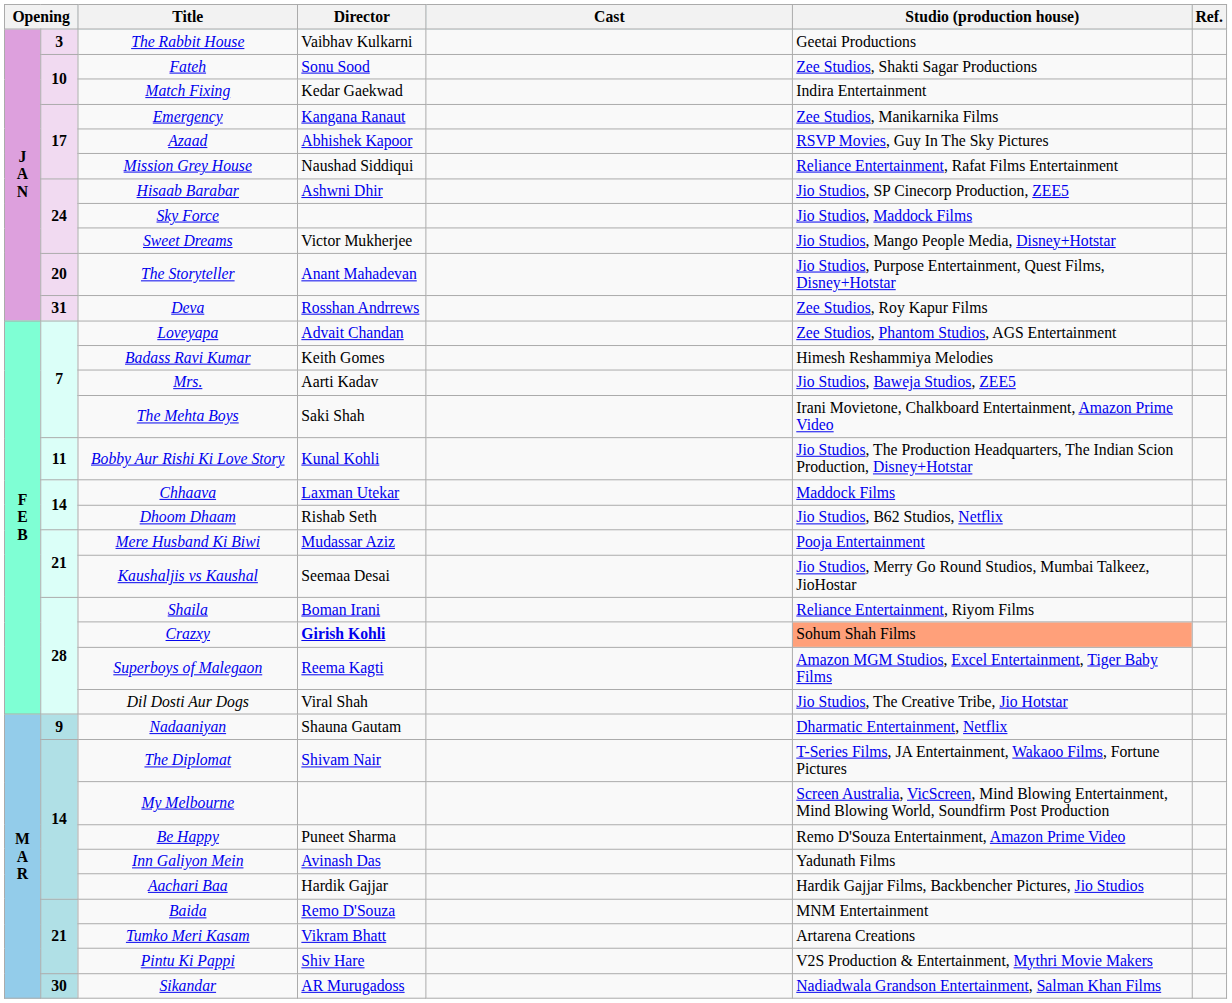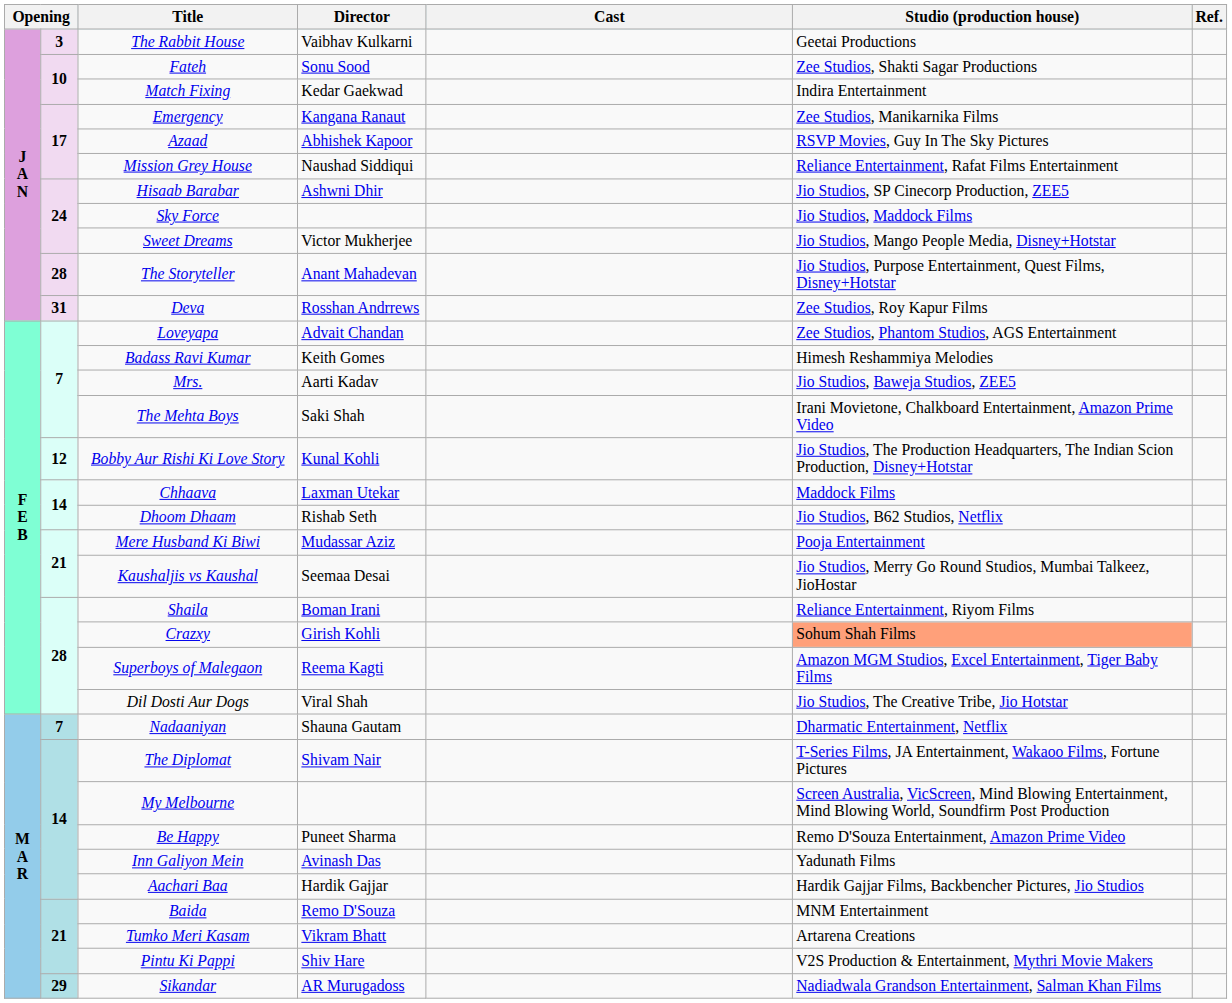 <table class="wikitable">
 <tr style="background:#b0e0e6; text-align:center;">
 <th colspan="2" style="width:6%;"><strong>Opening</strong></th>
 <th style="width:18%;"><strong>Title</strong></th>
 <th style="width:10.5%;"><strong>Director</strong></th>
 <th style="width:30%;"><strong>Cast</strong></th>
 <th>Studio (production house)</th>
 <th>Ref.</th>
 </tr>
 <tr>
 <td rowspan="11" style="text-align:center; background:plum; textcolor:#000;"><strong>J<br>A<br>N</strong></td>
 <td style="text-align:center;background:#f1daf1;"><strong>3</strong></td>
 <td style="text-align:center;"><em><a href='#'>The Rabbit House</a></em></td>
 <td>Vaibhav Kulkarni</td>
 <td></td>
 <td>Geetai Productions</td>
 <td></td>
 </tr>
 <tr>
 <td rowspan="2" style="text-align:center;background:#f1daf1;"><strong>10</strong></td>
 <td style="text-align:center;"><em><a href='#'>Fateh</a></em></td>
 <td><a href='#'>Sonu Sood</a></td>
 <td></td>
 <td><a href='#'>Zee Studios</a>, Shakti Sagar Productions</td>
 <td></td>
 </tr>
 <tr>
 <td style="text-align:center;"><em><a href='#'>Match Fixing</a></em></td>
 <td>Kedar Gaekwad</td>
 <td></td>
 <td>Indira Entertainment</td>
 <td></td>
 </tr>
 <tr>
 <td rowspan="3" style="text-align:center;background:#f1daf1;"><strong>17</strong></td>
 <td style="text-align:center;"><em><a href='#'>Emergency</a></em></td>
 <td><a href='#'>Kangana Ranaut</a></td>
 <td></td>
 <td><a href='#'>Zee Studios</a>, Manikarnika Films</td>
 <td></td>
 </tr>
 <tr>
 <td style="text-align:center;"><em><a href='#'>Azaad</a></em></td>
 <td><a href='#'>Abhishek Kapoor</a></td>
 <td></td>
 <td><a href='#'>RSVP Movies</a>, Guy In The Sky Pictures</td>
 <td></td>
 </tr>
 <tr>
 <td style="text-align:center;"><em><a href='#'>Mission Grey House</a></em></td>
 <td>Naushad Siddiqui</td>
 <td></td>
 <td><a href='#'>Reliance Entertainment</a>, Rafat Films Entertainment</td>
 <td></td>
 </tr>
 <tr>
 <td rowspan="3" style="text-align:center;background:#f1daf1;"><strong>24</strong></td>
 <td style="text-align:center;"><em><a href='#'>Hisaab Barabar</a></em></td>
 <td><a href='#'>Ashwni Dhir</a></td>
 <td></td>
 <td><a href='#'>Jio Studios</a>, SP Cinecorp Production, <a href='#'>ZEE5</a></td>
 <td></td>
 </tr>
 <tr>
 <td style="text-align:center;"><em><a href='#'>Sky Force</a></em></td>
 <td></td>
 <td></td>
 <td><a href='#'>Jio Studios</a>, <a href='#'>Maddock Films</a></td>
 <td></td>
 </tr>
 <tr>
 <td style="text-align:center;"><em><a href='#'>Sweet Dreams</a></em></td>
 <td>Victor Mukherjee</td>
 <td></td>
 <td><a href='#'>Jio Studios</a>, Mango People Media, <a href='#'>Disney+Hotstar</a></td>
 <td></td>
 </tr>
 <tr>
-<td style="text-align:center;background:#f1daf1;"><strong>20</strong></td>
+<td style="text-align:center;background:#f1daf1;"><strong>28</strong></td>
 <td style="text-align:center;"><em><a href='#'>The Storyteller</a></em></td>
 <td><a href='#'>Anant Mahadevan</a></td>
 <td></td>
 <td><a href='#'>Jio Studios</a>, Purpose Entertainment, Quest Films, <a href='#'>Disney+Hotstar</a></td>
 <td></td>
 </tr>
 <tr>
 <td style="text-align:center;background:#f1daf1;"><strong>31</strong></td>
 <td style="text-align:center;"><em><a href='#'>Deva</a></em></td>
 <td><a href='#'>Rosshan Andrrews</a></td>
 <td></td>
 <td><a href='#'>Zee Studios</a>, Roy Kapur Films</td>
 <td></td>
 </tr>
 <tr>
 <td rowspan="13" style="text-align:center; background:#7FFFD4; textcolor:#000;"><strong>F<br>E<br>B</strong></td>
 <td rowspan="4" style="text-align:center; background:#dbfff8; textcolor:#000;"><strong>7</strong></td>
 <td style="text-align:center;"><em><a href='#'>Loveyapa</a></em></td>
 <td><a href='#'>Advait Chandan</a></td>
 <td></td>
 <td><a href='#'>Zee Studios</a>, <a href='#'>Phantom Studios</a>, AGS Entertainment</td>
 <td></td>
 </tr>
 <tr>
 <td style="text-align:center;"><em><a href='#'>Badass Ravi Kumar</a></em></td>
 <td>Keith Gomes</td>
 <td></td>
 <td>Himesh Reshammiya Melodies</td>
 <td></td>
 </tr>
 <tr>
 <td style="text-align:center;"><em><a href='#'>Mrs.</a></em></td>
 <td>Aarti Kadav</td>
 <td></td>
 <td><a href='#'>Jio Studios</a>, <a href='#'>Baweja Studios</a>, <a href='#'>ZEE5</a></td>
 <td></td>
 </tr>
 <tr>
 <td style="text-align:center;"><em><a href='#'>The Mehta Boys</a></em></td>
 <td>Saki Shah</td>
 <td></td>
 <td>Irani Movietone, Chalkboard Entertainment, <a href='#'>Amazon Prime Video</a></td>
 <td></td>
 </tr>
 <tr>
-<td style="text-align:center; background:#dbfff8; textcolor:#000;"><strong>11</strong></td>
+<td style="text-align:center; background:#dbfff8; textcolor:#000;"><strong>12</strong></td>
 <td style="text-align:center;"><em><a href='#'>Bobby Aur Rishi Ki Love Story</a></em></td>
 <td><a href='#'>Kunal Kohli</a></td>
 <td></td>
 <td><a href='#'>Jio Studios</a>, The Production Headquarters, The Indian Scion Production, <a href='#'>Disney+Hotstar</a></td>
 <td></td>
 </tr>
 <tr>
 <td rowspan="2" style="text-align:center; background:#dbfff8; textcolor:#000;"><strong>14</strong></td>
 <td style="text-align:center;"><em><a href='#'>Chhaava</a></em></td>
 <td><a href='#'>Laxman Utekar</a></td>
 <td></td>
 <td><a href='#'>Maddock Films</a></td>
 <td></td>
 </tr>
 <tr>
 <td style="text-align:center;"><em><a href='#'>Dhoom Dhaam</a></em></td>
 <td>Rishab Seth</td>
 <td></td>
 <td><a href='#'>Jio Studios</a>, B62 Studios, <a href='#'>Netflix</a></td>
 <td></td>
 </tr>
 <tr>
 <td rowspan="2" style="text-align:center; background:#dbfff8; textcolor:#000;"><strong>21</strong></td>
 <td style="text-align:center;"><em><a href='#'>Mere Husband Ki Biwi</a></em></td>
 <td><a href='#'>Mudassar Aziz</a></td>
 <td></td>
 <td><a href='#'>Pooja Entertainment</a></td>
 <td></td>
 </tr>
 <tr>
 <td style="text-align:center;"><em><a href='#'>Kaushaljis vs Kaushal</a></em></td>
 <td>Seemaa Desai</td>
 <td></td>
 <td><a href='#'>Jio Studios</a>, Merry Go Round Studios, Mumbai Talkeez, JioHostar</td>
 <td></td>
 </tr>
 <tr>
 <td rowspan="4" style="text-align:center; background:#dbfff8; textcolor:#000;"><strong>28</strong></td>
 <td style="text-align:center;"><em><a href='#'>Shaila</a></em></td>
 <td><a href='#'>Boman Irani</a></td>
 <td></td>
 <td><a href='#'>Reliance Entertainment</a>, Riyom Films</td>
 <td></td>
 </tr>
 <tr>
 <td style="text-align:center;"><em><a href='#'>Crazxy</a></em></td>
-<td><strong><a href='#'>Girish Kohli</a></strong></td>
+<td><a href='#'>Girish Kohli</a></td>
 <td></td>
 <td style="background: lightsalmon;">Sohum Shah Films</td>
 <td></td>
 </tr>
 <tr>
 <td style="text-align:center;"><em><a href='#'>Superboys of Malegaon</a></em></td>
 <td><a href='#'>Reema Kagti</a></td>
 <td></td>
 <td><a href='#'>Amazon MGM Studios</a>, <a href='#'>Excel Entertainment</a>, <a href='#'>Tiger Baby Films</a></td>
 <td></td>
 </tr>
 <tr>
 <td style="text-align:center;"><em>Dil Dosti Aur Dogs</em></td>
 <td>Viral Shah</td>
 <td></td>
 <td><a href='#'>Jio Studios</a>, The Creative Tribe, <a href='#'>Jio Hotstar</a></td>
 <td></td>
 </tr>
 <tr>
 <td rowspan="10" style="text-align:center; background:#93CCEA; textcolor:#000;"><strong>M<br>A<br>R</strong></td>
-<td style="text-align:center;background:#B0E0E6;"><strong>9</strong></td>
+<td style="text-align:center;background:#B0E0E6;"><strong>7</strong></td>
 <td style="text-align:center;"><em><a href='#'>Nadaaniyan</a></em></td>
 <td>Shauna Gautam</td>
 <td></td>
 <td><a href='#'>Dharmatic Entertainment</a>, <a href='#'>Netflix</a></td>
 <td></td>
 </tr>
 <tr>
 <td rowspan="5" style="text-align:center;background:#B0E0E6;"><strong>14</strong></td>
 <td style="text-align:center;"><em><a href='#'>The Diplomat</a></em></td>
 <td><a href='#'>Shivam Nair</a></td>
 <td></td>
 <td><a href='#'>T-Series Films</a>, JA Entertainment, <a href='#'>Wakaoo Films</a>, Fortune Pictures</td>
 <td></td>
 </tr>
 <tr>
 <td style="text-align:center;"><em><a href='#'>My Melbourne</a></em></td>
 <td></td>
 <td></td>
 <td><a href='#'>Screen Australia</a>, <a href='#'>VicScreen</a>, Mind Blowing Entertainment, Mind Blowing World, Soundfirm Post Production</td>
 <td></td>
 </tr>
 <tr>
 <td style="text-align:center;"><em><a href='#'>Be Happy</a></em></td>
 <td>Puneet Sharma</td>
 <td></td>
 <td>Remo D'Souza Entertainment, <a href='#'>Amazon Prime Video</a></td>
 <td></td>
 </tr>
 <tr>
 <td style="text-align:center;"><em><a href='#'>Inn Galiyon Mein</a></em></td>
 <td><a href='#'>Avinash Das</a></td>
 <td></td>
 <td>Yadunath Films</td>
 <td></td>
 </tr>
 <tr>
 <td style="text-align:center;"><em><a href='#'>Aachari Baa</a></em></td>
 <td>Hardik Gajjar</td>
 <td></td>
 <td>Hardik Gajjar Films, Backbencher Pictures, <a href='#'>Jio Studios</a></td>
 <td></td>
 </tr>
 <tr>
 <td rowspan="3" style="text-align:center;background:#B0E0E6;"><strong>21</strong></td>
 <td style="text-align:center;"><em><a href='#'>Baida</a></em></td>
 <td><a href='#'>Remo D'Souza</a></td>
 <td></td>
 <td>MNM Entertainment</td>
 <td></td>
 </tr>
 <tr>
 <td style="text-align:center;"><em><a href='#'>Tumko Meri Kasam</a></em></td>
 <td><a href='#'>Vikram Bhatt</a></td>
 <td></td>
 <td>Artarena Creations</td>
 <td></td>
 </tr>
 <tr>
 <td style="text-align:center;"><em><a href='#'>Pintu Ki Pappi</a></em></td>
 <td><a href='#'>Shiv Hare</a></td>
 <td></td>
 <td>V2S Production & Entertainment, <a href='#'>Mythri Movie Makers</a></td>
 <td></td>
 </tr>
 <tr>
-<td style="text-align:center;background:#B0E0E6;"><strong>30</strong></td>
+<td style="text-align:center;background:#B0E0E6;"><strong>29</strong></td>
 <td style="text-align:center;"><em><a href='#'>Sikandar</a></em></td>
 <td><a href='#'>AR Murugadoss</a></td>
 <td></td>
 <td><a href='#'>Nadiadwala Grandson Entertainment</a>, <a href='#'>Salman Khan Films</a></td>
 <td></td>
 </tr>
 </table>
